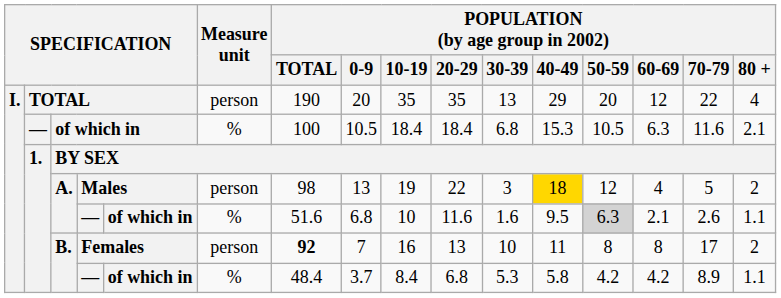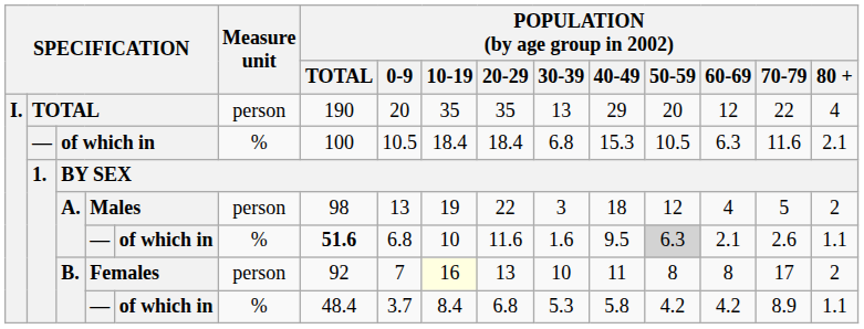 <table class="wikitable" style="font-size:85%; text-align:center">
 <tr>
 <th rowspan="2" colspan="5">SPECIFICATION</th>
 <th rowspan="2">Measure<br> unit</th>
 <th colspan="10" rowspan="1">POPULATION<br> (by age group in 2002)</th>
 </tr>
 <tr>
 <th>TOTAL</th>
 <th>0-9</th>
 <th>10-19</th>
 <th>20-29</th>
 <th>30-39</th>
 <th>40-49</th>
 <th>50-59</th>
 <th>60-69</th>
 <th>70-79</th>
 <th>80 +</th>
 </tr>
 <tr>
 <th style="text-align:left" valign="top" rowspan="7">I.</th>
 <th style="text-align:left" colspan="4">TOTAL</th>
 <td>person</td>
 <td>190</td>
 <td>20</td>
 <td>35</td>
 <td>35</td>
 <td>13</td>
 <td>29</td>
 <td>20</td>
 <td>12</td>
 <td>22</td>
 <td>4</td>
 </tr>
 <tr>
 <th style="text-align:left" valign="top">—</th>
 <th style="text-align:left" colspan="3">of which in</th>
 <td>%</td>
 <td>100</td>
 <td>10.5</td>
 <td>18.4</td>
 <td>18.4</td>
 <td>6.8</td>
 <td>15.3</td>
 <td>10.5</td>
 <td>6.3</td>
 <td>11.6</td>
 <td>2.1</td>
 </tr>
 <tr>
 <th style="text-align:left" valign="top" rowspan="5">1.</th>
 <th style="text-align:left" colspan="14">BY SEX</th>
 </tr>
 <tr>
 <th style="text-align:left" valign="top" rowspan="2">A.</th>
 <th style="text-align:left" colspan="2">Males</th>
 <td>person</td>
 <td>98</td>
 <td>13</td>
 <td>19</td>
 <td>22</td>
 <td>3</td>
-<td style="background: gold;">18</td>
+<td>18</td>
 <td>12</td>
 <td>4</td>
 <td>5</td>
 <td>2</td>
 </tr>
 <tr>
 <th style="text-align:left" valign="top">—</th>
 <th style="text-align:left" colspan="1">of which in</th>
 <td>%</td>
-<td>51.6</td>
+<td><strong>51.6</strong></td>
 <td>6.8</td>
 <td>10</td>
 <td>11.6</td>
 <td>1.6</td>
 <td>9.5</td>
 <td style="background: lightgrey;">6.3</td>
 <td>2.1</td>
 <td>2.6</td>
 <td>1.1</td>
 </tr>
 <tr>
 <th style="text-align:left" valign="top" rowspan="2">B.</th>
 <th style="text-align:left" colspan="2">Females</th>
 <td>person</td>
-<td><strong>92</strong></td>
+<td>92</td>
 <td>7</td>
-<td>16</td>
+<td style="background: lightyellow;">16</td>
 <td>13</td>
 <td>10</td>
 <td>11</td>
 <td>8</td>
 <td>8</td>
 <td>17</td>
 <td>2</td>
 </tr>
 <tr>
 <th style="text-align:left" valign="top">—</th>
 <th style="text-align:left" colspan="1">of which in</th>
 <td>%</td>
 <td>48.4</td>
 <td>3.7</td>
 <td>8.4</td>
 <td>6.8</td>
 <td>5.3</td>
 <td>5.8</td>
 <td>4.2</td>
 <td>4.2</td>
 <td>8.9</td>
 <td>1.1</td>
 </tr>
 </table>
